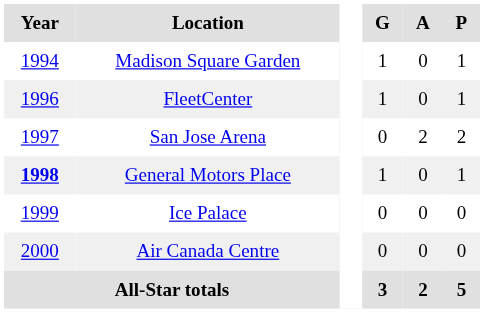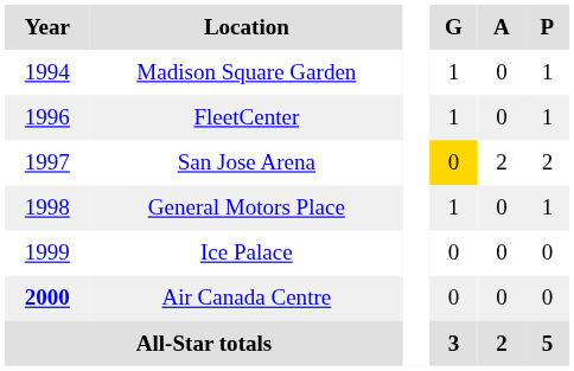 <table border="0" cellpadding="7" cellspacing="0" style="text-align:center; width:25em;">
 <tr bgcolor="#e0e0e0">
 <th>Year</th>
 <th>Location</th>
 <th rowspan="99" bgcolor="#ffffff"></th>
 <th>G</th>
 <th>A</th>
 <th>P</th>
 </tr>
 <tr>
 <td><a href='#'>1994</a></td>
 <td><a href='#'>Madison Square Garden</a></td>
 <td>1</td>
 <td>0</td>
 <td>1</td>
 </tr>
 <tr bgcolor="#f0f0f0">
 <td><a href='#'>1996</a></td>
 <td><a href='#'>FleetCenter</a></td>
 <td>1</td>
 <td>0</td>
 <td>1</td>
 </tr>
 <tr>
 <td><a href='#'>1997</a></td>
 <td><a href='#'>San Jose Arena</a></td>
-<td>0</td>
+<td style="background: gold;">0</td>
 <td>2</td>
 <td>2</td>
 </tr>
 <tr bgcolor="#f0f0f0">
-<td><strong><a href='#'>1998</a></strong></td>
+<td><a href='#'>1998</a></td>
 <td><a href='#'>General Motors Place</a></td>
 <td>1</td>
 <td>0</td>
 <td>1</td>
 </tr>
 <tr>
 <td><a href='#'>1999</a></td>
 <td><a href='#'>Ice Palace</a></td>
 <td>0</td>
 <td>0</td>
 <td>0</td>
 </tr>
 <tr bgcolor="#f0f0f0">
-<td><a href='#'>2000</a></td>
+<td><strong><a href='#'>2000</a></strong></td>
 <td><a href='#'>Air Canada Centre</a></td>
 <td>0</td>
 <td>0</td>
 <td>0</td>
 </tr>
 <tr bgcolor="#e0e0e0">
 <th colspan="2">All-Star totals</th>
 <th>3</th>
 <th>2</th>
 <th>5</th>
 </tr>
 </table>
